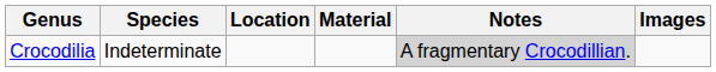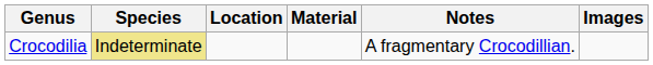 <table class="wikitable" align="center">
 <tr>
 <th>Genus</th>
 <th>Species</th>
 <th>Location</th>
 <th>Material</th>
 <th>Notes</th>
 <th>Images</th>
 </tr>
 <tr>
 <td><a href='#'>Crocodilia</a></td>
-<td>Indeterminate</td>
+<td style="background: khaki;">Indeterminate</td>
 <td></td>
 <td></td>
-<td style="background: lightgrey;">A fragmentary <a href='#'>Crocodillian</a>.</td>
+<td>A fragmentary <a href='#'>Crocodillian</a>.</td>
 <td></td>
 </tr>
 <tr>
 </tr>
 </table>
